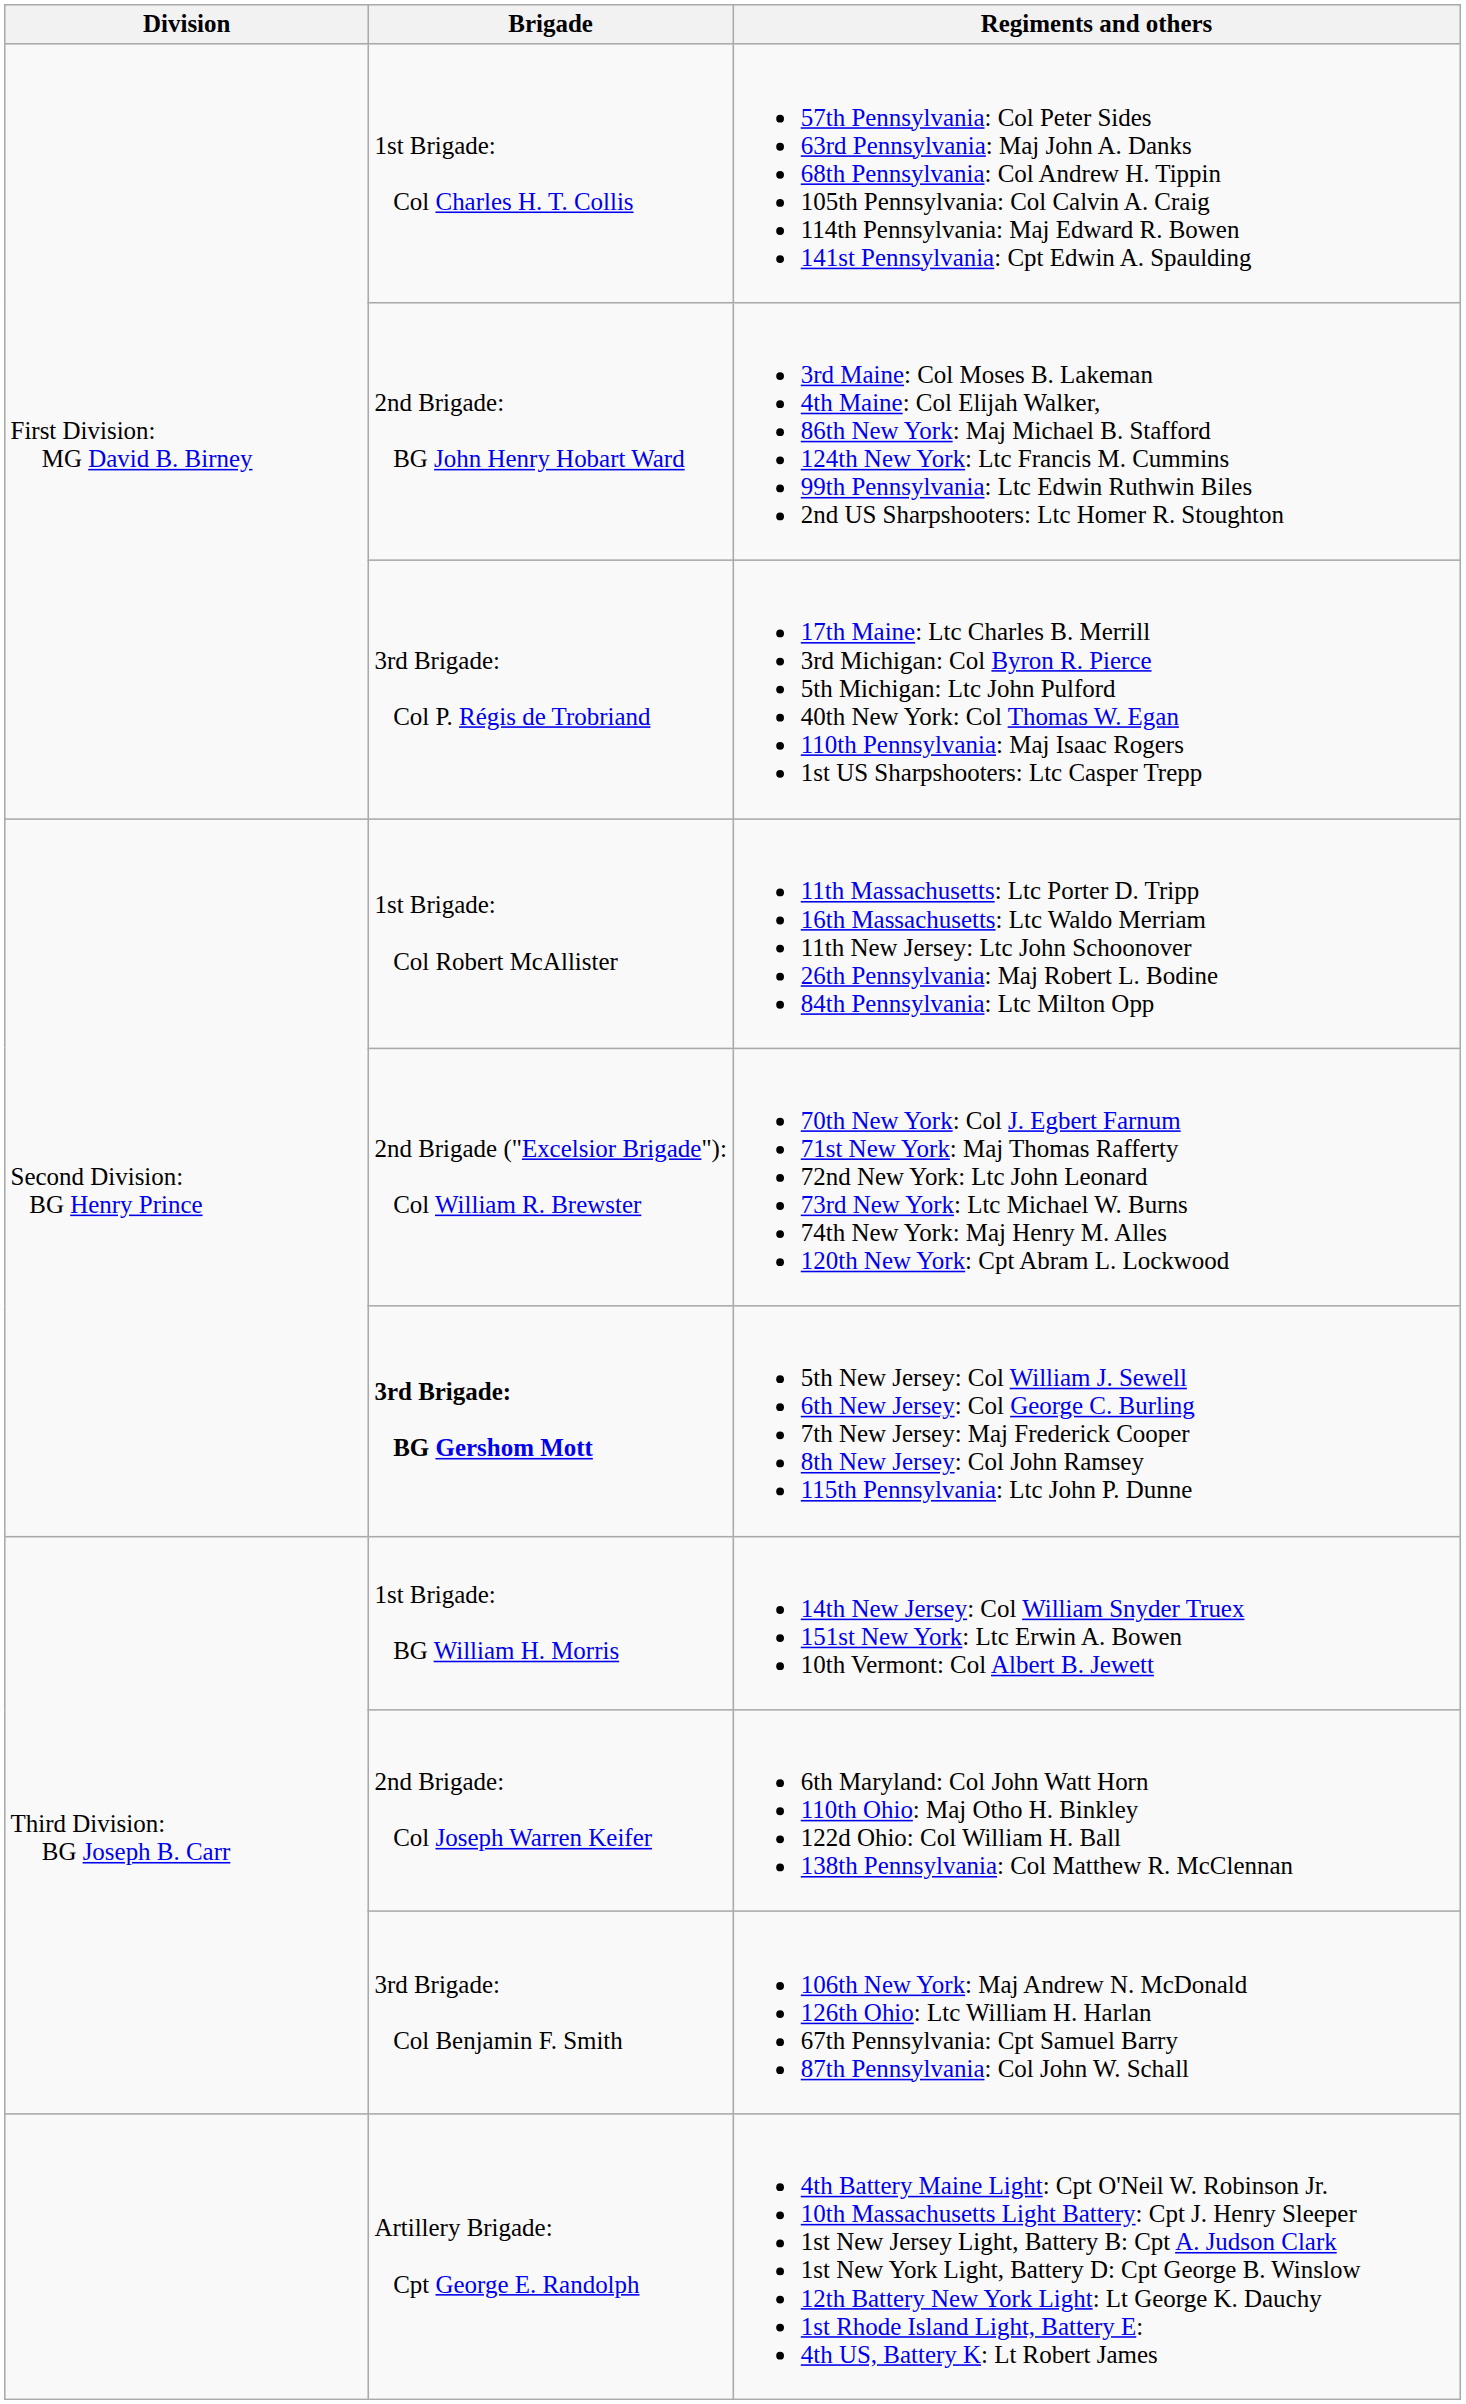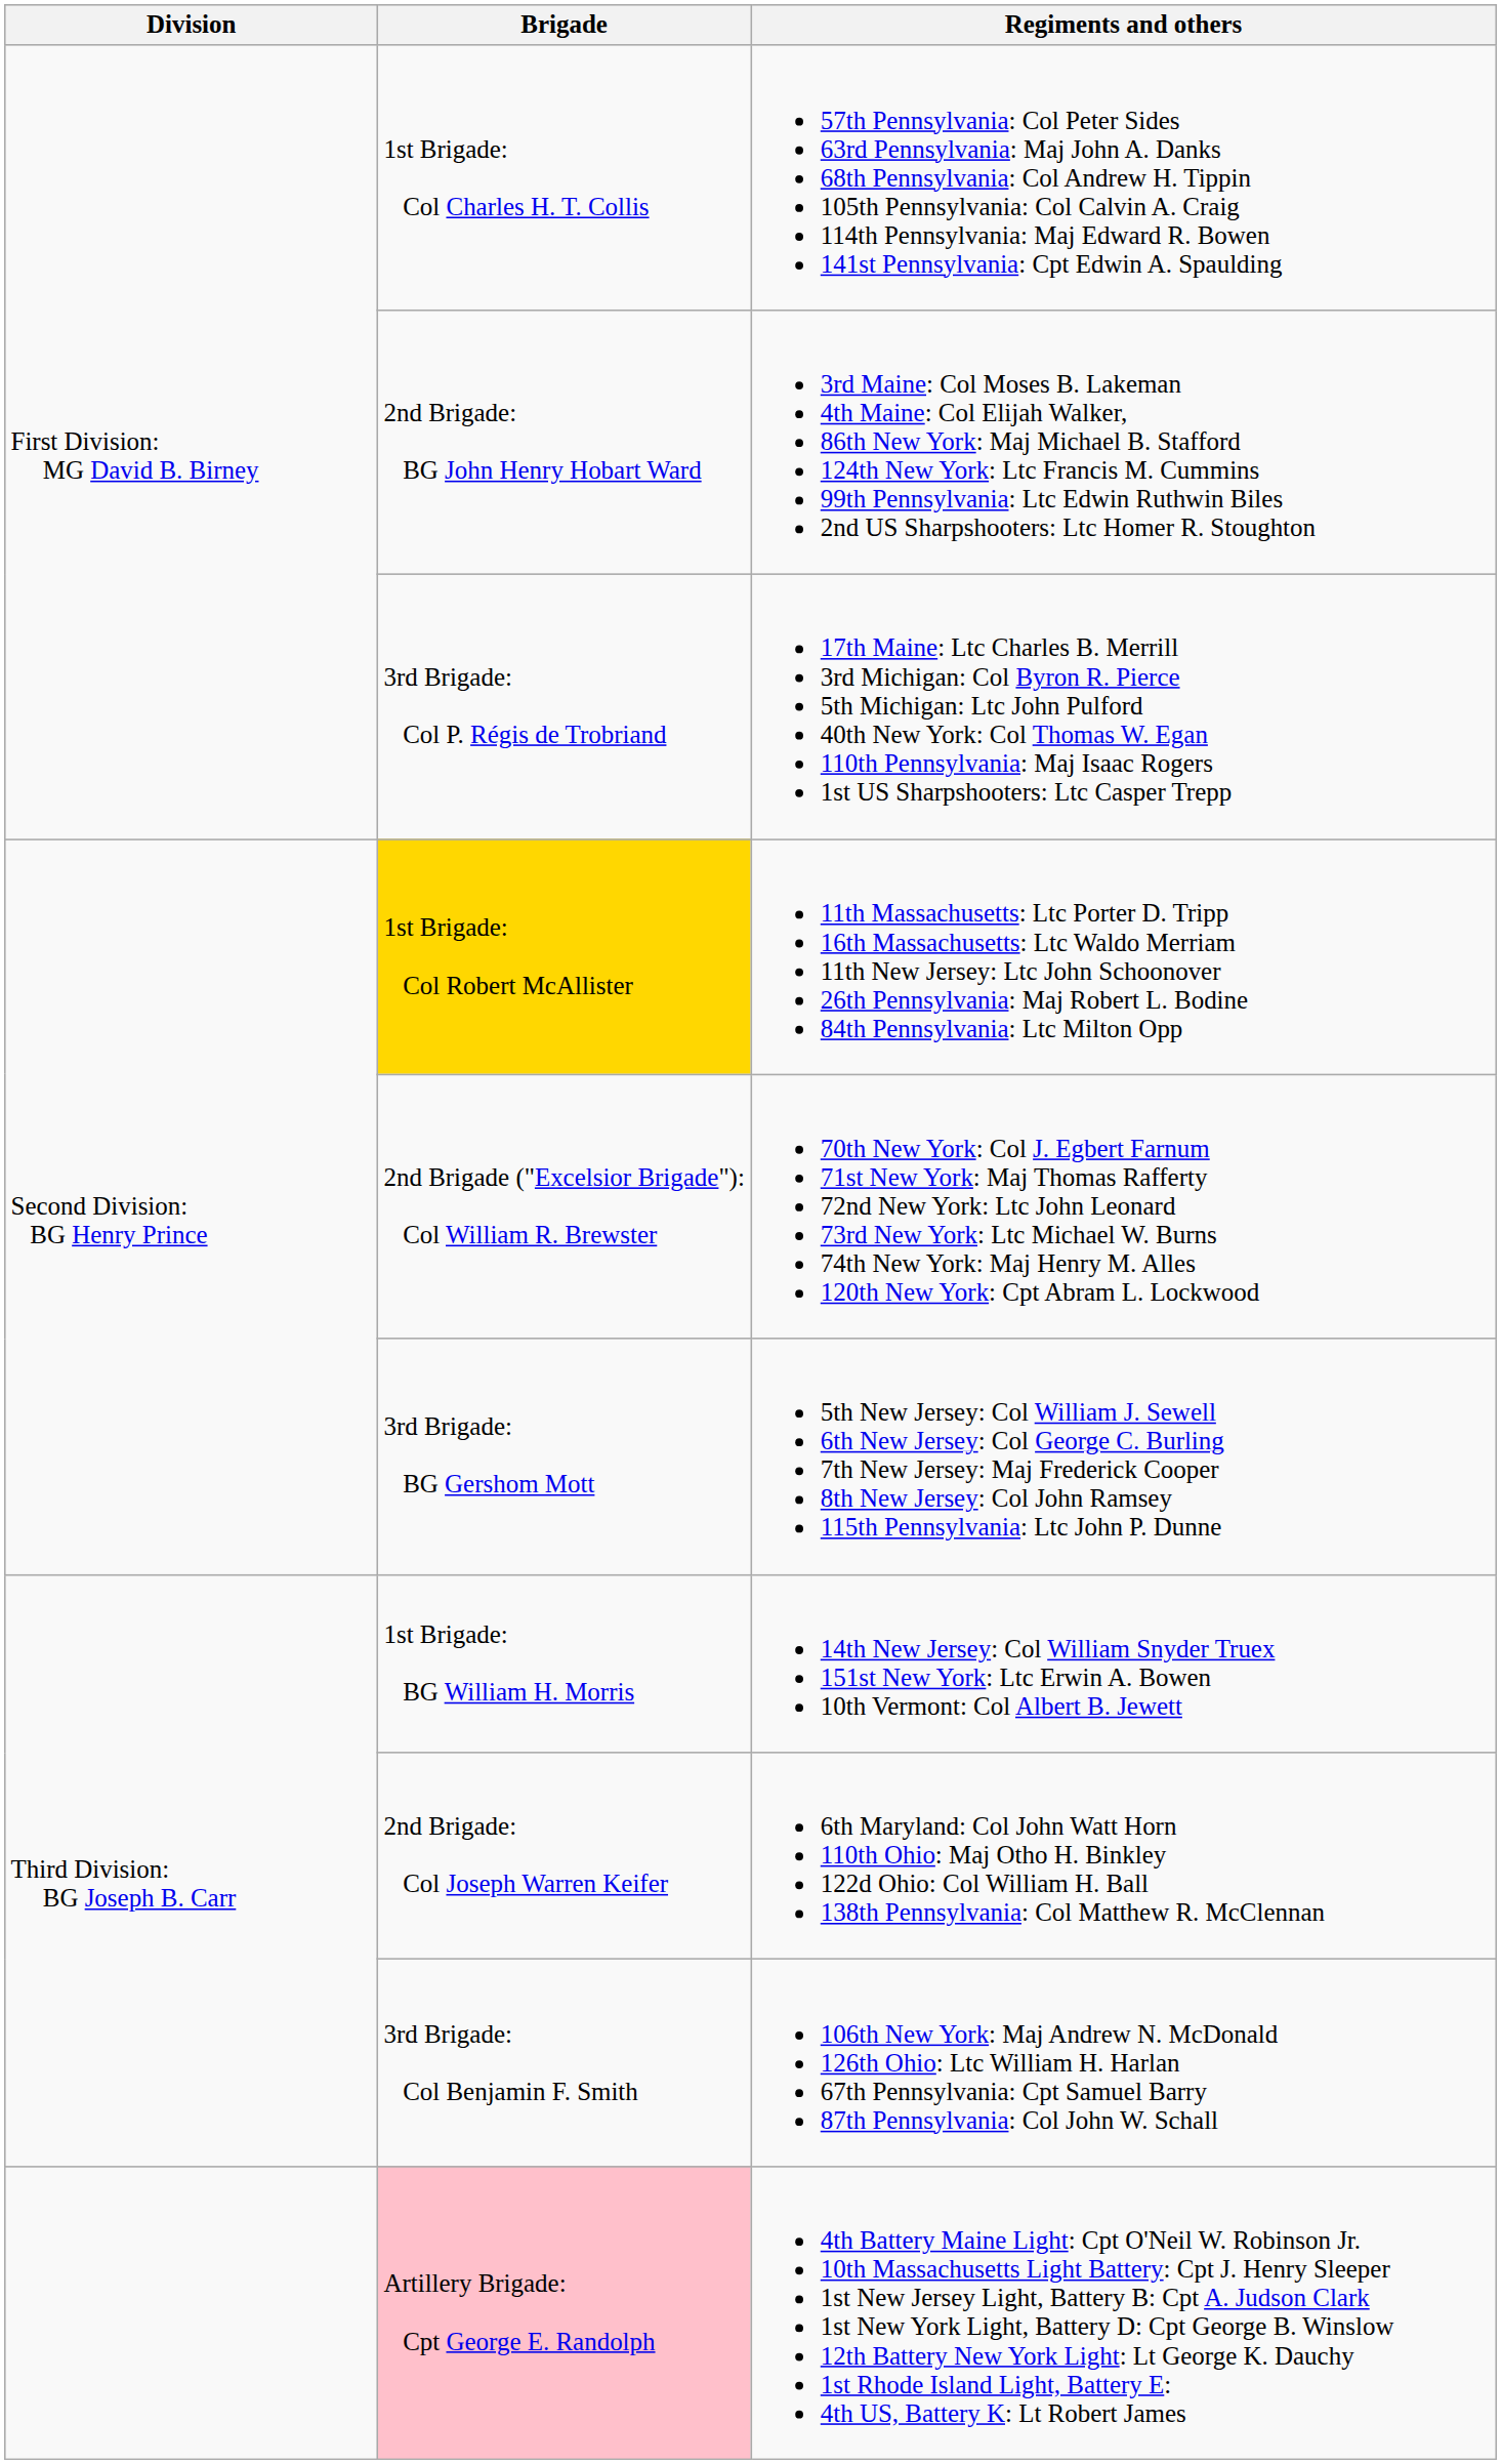 <table class="wikitable">
 <tr>
 <th width=25%>Division</th>
 <th width=25%>Brigade</th>
 <th>Regiments and others</th>
 </tr>
 <tr>
 <td rowspan=3><br>First Division: <br>     MG <a href='#'>David B. Birney</a></td>
 <td>1st Brigade:<br><br>   Col <a href='#'>Charles H. T. Collis</a></td>
 <td><br><ul><li><a href='#'>57th Pennsylvania</a>: Col Peter Sides</li><li><a href='#'>63rd Pennsylvania</a>: Maj John A. Danks</li><li><a href='#'>68th Pennsylvania</a>: Col Andrew H. Tippin</li><li>105th Pennsylvania: Col Calvin A. Craig</li><li>114th Pennsylvania: Maj Edward R. Bowen</li><li><a href='#'>141st Pennsylvania</a>: Cpt Edwin A. Spaulding</li></ul></td>
 </tr>
 <tr>
 <td>2nd Brigade:<br><br>   BG <a href='#'>John Henry Hobart Ward</a></td>
 <td><br><ul><li><a href='#'>3rd Maine</a>: Col Moses B. Lakeman</li><li><a href='#'>4th Maine</a>: Col Elijah Walker,</li><li><a href='#'>86th New York</a>: Maj Michael B. Stafford</li><li><a href='#'>124th New York</a>: Ltc Francis M. Cummins</li><li><a href='#'>99th Pennsylvania</a>: Ltc Edwin Ruthwin Biles</li><li>2nd US Sharpshooters: Ltc Homer R. Stoughton</li></ul></td>
 </tr>
 <tr>
 <td>3rd Brigade:<br><br>   Col P. <a href='#'>Régis de Trobriand</a></td>
 <td><br><ul><li><a href='#'>17th Maine</a>: Ltc Charles B. Merrill</li><li>3rd Michigan: Col <a href='#'>Byron R. Pierce</a></li><li>5th Michigan: Ltc John Pulford</li><li>40th New York: Col <a href='#'>Thomas W. Egan</a></li><li><a href='#'>110th Pennsylvania</a>: Maj Isaac Rogers</li><li>1st US Sharpshooters: Ltc Casper Trepp</li></ul></td>
 </tr>
 <tr>
 <td rowspan=3><br>Second Division: <br>   BG <a href='#'>Henry Prince</a></td>
-<td>1st Brigade:<br><br>   Col Robert McAllister</td>
+<td style="background: gold;">1st Brigade:<br><br>   Col Robert McAllister</td>
 <td><br><ul><li><a href='#'>11th Massachusetts</a>: Ltc Porter D. Tripp</li><li><a href='#'>16th Massachusetts</a>: Ltc Waldo Merriam</li><li>11th New Jersey: Ltc John Schoonover</li><li><a href='#'>26th Pennsylvania</a>: Maj Robert L. Bodine</li><li><a href='#'>84th Pennsylvania</a>: Ltc Milton Opp</li></ul></td>
 </tr>
 <tr>
 <td>2nd Brigade ("<a href='#'>Excelsior Brigade</a>"):<br><br>   Col <a href='#'>William R. Brewster</a></td>
 <td><br><ul><li><a href='#'>70th New York</a>: Col <a href='#'>J. Egbert Farnum</a></li><li><a href='#'>71st New York</a>: Maj Thomas Rafferty</li><li>72nd New York: Ltc John Leonard</li><li><a href='#'>73rd New York</a>: Ltc Michael W. Burns</li><li>74th New York: Maj Henry M. Alles</li><li><a href='#'>120th New York</a>: Cpt Abram L. Lockwood</li></ul></td>
 </tr>
 <tr>
-<td><strong>3rd Brigade:<br><br>   BG <a href='#'>Gershom Mott</a></strong></td>
+<td>3rd Brigade:<br><br>   BG <a href='#'>Gershom Mott</a></td>
 <td><br><ul><li>5th New Jersey: Col <a href='#'>William J. Sewell</a></li><li><a href='#'>6th New Jersey</a>: Col <a href='#'>George C. Burling</a></li><li>7th New Jersey: Maj Frederick Cooper</li><li><a href='#'>8th New Jersey</a>: Col John Ramsey</li><li><a href='#'>115th Pennsylvania</a>: Ltc John P. Dunne</li></ul></td>
 </tr>
 <tr>
 <td rowspan=3><br>Third Division: <br>     BG <a href='#'>Joseph B. Carr</a></td>
 <td>1st Brigade:<br><br>   BG <a href='#'>William H. Morris</a></td>
 <td><br><ul><li><a href='#'>14th New Jersey</a>: Col <a href='#'>William Snyder Truex</a></li><li><a href='#'>151st New York</a>: Ltc Erwin A. Bowen</li><li>10th Vermont: Col <a href='#'>Albert B. Jewett</a></li></ul></td>
 </tr>
 <tr>
 <td>2nd Brigade:<br><br>   Col <a href='#'>Joseph Warren Keifer</a></td>
 <td><br><ul><li>6th Maryland: Col John Watt Horn</li><li><a href='#'>110th Ohio</a>: Maj Otho H. Binkley</li><li>122d Ohio:  Col William H. Ball</li><li><a href='#'>138th Pennsylvania</a>: Col Matthew R. McClennan</li></ul></td>
 </tr>
 <tr>
 <td>3rd Brigade:<br><br>   Col Benjamin F. Smith</td>
 <td><br><ul><li><a href='#'>106th New York</a>: Maj Andrew N. McDonald</li><li><a href='#'>126th Ohio</a>: Ltc William H. Harlan</li><li>67th Pennsylvania: Cpt Samuel Barry</li><li><a href='#'>87th Pennsylvania</a>: Col John W. Schall</li></ul></td>
 </tr>
 <tr>
 <td></td>
-<td>Artillery Brigade:<br><br>   Cpt <a href='#'>George E. Randolph</a></td>
+<td style="background: pink;">Artillery Brigade:<br><br>   Cpt <a href='#'>George E. Randolph</a></td>
 <td><br><ul><li><a href='#'>4th Battery Maine Light</a>: Cpt O'Neil W. Robinson Jr.</li><li><a href='#'>10th Massachusetts Light Battery</a>: Cpt J. Henry Sleeper</li><li>1st New Jersey Light, Battery B: Cpt <a href='#'>A. Judson Clark</a></li><li>1st New York Light, Battery D: Cpt George B. Winslow</li><li><a href='#'>12th Battery New York Light</a>: Lt George K. Dauchy</li><li><a href='#'>1st Rhode Island Light, Battery E</a>:</li><li><a href='#'>4th US, Battery K</a>: Lt Robert James</li></ul></td>
 </tr>
 </table>
